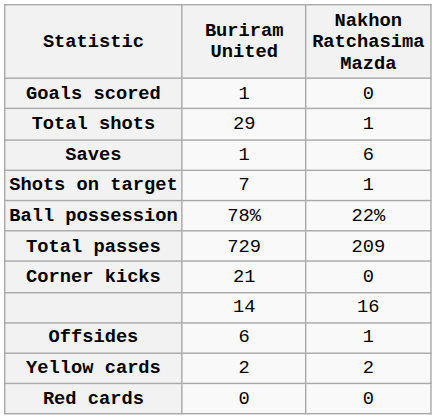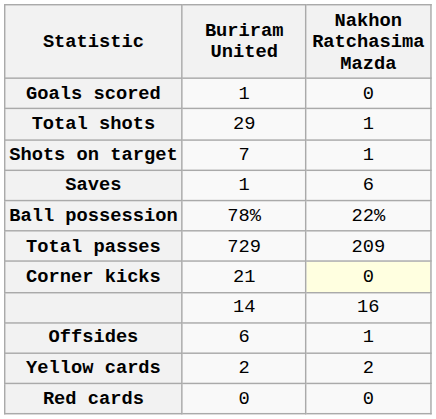 <table class="wikitable plainrowheaders" style="text-align:center">
 <tr>
 <th scope="col">Statistic</th>
 <th scope="col" style="width:80px">Buriram United</th>
 <th scope="col" style="width:80px">Nakhon Ratchasima Mazda</th>
 </tr>
 <tr>
 <th scope=row>Goals scored</th>
 <td>1</td>
 <td>0</td>
 </tr>
 <tr>
 <th scope=row>Total shots</th>
 <td>29</td>
 <td>1</td>
 </tr>
 <tr>
+<th scope=row>Shots on target</th>
+<td>7</td>
+<td>1</td>
+</tr>
+<tr>
 <th scope=row>Saves</th>
 <td>1</td>
 <td>6</td>
-</tr>
-<tr>
-<th scope=row>Shots on target</th>
-<td>7</td>
-<td>1</td>
 </tr>
 <tr>
 <th scope=row>Ball possession</th>
 <td>78%</td>
 <td>22%</td>
 </tr>
 <tr>
 <th scope=row>Total passes</th>
 <td>729</td>
 <td>209</td>
 </tr>
 <tr>
 <th scope=row>Corner kicks</th>
 <td>21</td>
-<td>0</td>
+<td style="background: lightyellow;">0</td>
 </tr>
 <tr>
 <th scope=row></th>
 <td>14</td>
 <td>16</td>
 </tr>
 <tr>
 <th scope=row>Offsides</th>
 <td>6</td>
 <td>1</td>
 </tr>
 <tr>
 <th scope=row>Yellow cards</th>
 <td>2</td>
 <td>2</td>
 </tr>
 <tr>
 <th scope=row>Red cards</th>
 <td>0</td>
 <td>0</td>
 </tr>
 </table>
